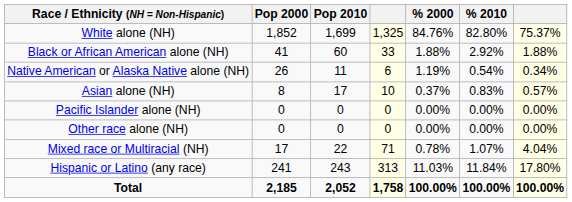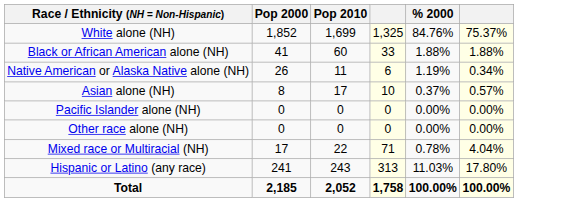 <table class="wikitable" style="text-align:center;">
 <tr>
 <th>Race / Ethnicity <small>(<em>NH = Non-Hispanic</em>)</small></th>
 <th>Pop 2000</th>
 <th>Pop 2010</th>
 <th></th>
 <th>% 2000</th>
-<th>% 2010</th>
 <th></th>
 </tr>
 <tr>
 <td><a href='#'>White</a> alone (NH)</td>
 <td>1,852</td>
 <td>1,699</td>
 <td style='background: #ffffe6;'>1,325</td>
 <td>84.76%</td>
-<td>82.80%</td>
 <td style='background: #ffffe6;'>75.37%</td>
 </tr>
 <tr>
 <td><a href='#'>Black or African American</a> alone (NH)</td>
 <td>41</td>
 <td>60</td>
 <td style='background: #ffffe6;'>33</td>
 <td>1.88%</td>
-<td>2.92%</td>
 <td style='background: #ffffe6;'>1.88%</td>
 </tr>
 <tr>
 <td><a href='#'>Native American</a> or <a href='#'>Alaska Native</a> alone (NH)</td>
 <td>26</td>
 <td>11</td>
 <td style='background: #ffffe6;'>6</td>
 <td>1.19%</td>
-<td>0.54%</td>
 <td style='background: #ffffe6;'>0.34%</td>
 </tr>
 <tr>
 <td><a href='#'>Asian</a> alone (NH)</td>
 <td>8</td>
 <td>17</td>
 <td style='background: #ffffe6;'>10</td>
 <td>0.37%</td>
-<td>0.83%</td>
 <td style='background: #ffffe6;'>0.57%</td>
 </tr>
 <tr>
 <td><a href='#'>Pacific Islander</a> alone (NH)</td>
 <td>0</td>
 <td>0</td>
 <td style='background: #ffffe6;'>0</td>
-<td>0.00%</td>
 <td>0.00%</td>
 <td style='background: #ffffe6;'>0.00%</td>
 </tr>
 <tr>
 <td><a href='#'>Other race</a> alone (NH)</td>
 <td>0</td>
 <td>0</td>
 <td style='background: #ffffe6;'>0</td>
 <td>0.00%</td>
-<td>0.00%</td>
 <td style='background: #ffffe6;'>0.00%</td>
 </tr>
 <tr>
 <td><a href='#'>Mixed race or Multiracial</a> (NH)</td>
 <td>17</td>
 <td>22</td>
 <td style='background: #ffffe6;'>71</td>
 <td>0.78%</td>
-<td>1.07%</td>
 <td style='background: #ffffe6;'>4.04%</td>
 </tr>
 <tr>
 <td><a href='#'>Hispanic or Latino</a> (any race)</td>
 <td>241</td>
 <td>243</td>
 <td style='background: #ffffe6;'>313</td>
 <td>11.03%</td>
-<td>11.84%</td>
 <td style='background: #ffffe6;'>17.80%</td>
 </tr>
 <tr>
 <td><strong>Total</strong></td>
 <td><strong>2,185</strong></td>
 <td><strong>2,052</strong></td>
 <td style='background: #ffffe6;'><strong>1,758</strong></td>
 <td><strong>100.00%</strong></td>
-<td><strong>100.00%</strong></td>
 <td style='background: #ffffe6;'><strong>100.00%</strong></td>
 </tr>
 </table>
